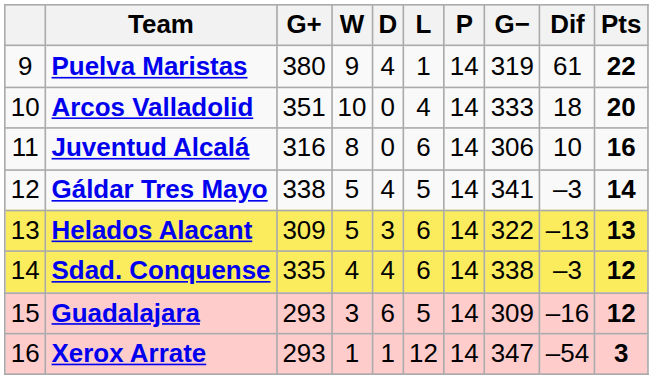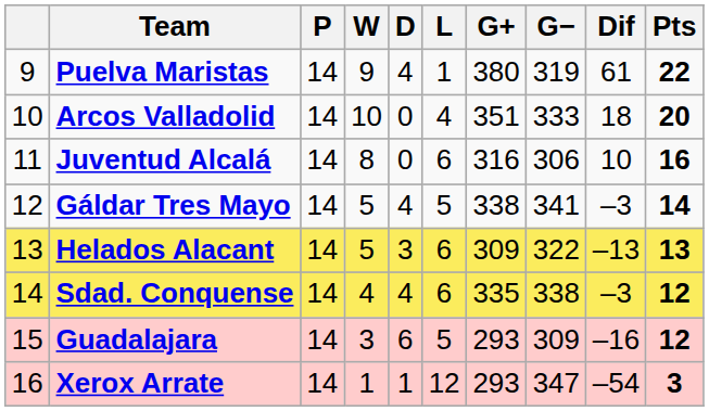 <table class="wikitable sortable" style="text-align: center;">
 <tr>
 <th align="center"></th>
 <th align="center">Team</th>
-<th align="center">G+</th>
+<th align="center">P</th>
 <th align="center">W</th>
 <th align="center">D</th>
 <th align="center">L</th>
-<th align="center">P</th>
+<th align="center">G+</th>
 <th align="center">G−</th>
 <th align="center">Dif</th>
 <th align="center">Pts</th>
 </tr>
 <tr style="background:">
 <td>9</td>
 <td align="left"><strong><a href='#'>Puelva Maristas</a></strong></td>
-<td>380</td>
+<td>14</td>
 <td>9</td>
 <td>4</td>
 <td>1</td>
-<td>14</td>
+<td>380</td>
 <td>319</td>
 <td>61</td>
 <td><strong>22</strong></td>
 </tr>
 <tr style="background:">
 <td>10</td>
 <td align="left"><strong><a href='#'>Arcos Valladolid</a></strong></td>
-<td>351</td>
+<td>14</td>
 <td>10</td>
 <td>0</td>
 <td>4</td>
-<td>14</td>
+<td>351</td>
 <td>333</td>
 <td>18</td>
 <td><strong>20</strong></td>
 </tr>
 <tr style="background:">
 <td>11</td>
 <td align="left"><strong><a href='#'>Juventud Alcalá</a></strong></td>
-<td>316</td>
+<td>14</td>
 <td>8</td>
 <td>0</td>
 <td>6</td>
-<td>14</td>
+<td>316</td>
 <td>306</td>
 <td>10</td>
 <td><strong>16</strong></td>
 </tr>
 <tr style="background:">
 <td>12</td>
 <td align="left"><strong><a href='#'>Gáldar Tres Mayo</a></strong></td>
-<td>338</td>
+<td>14</td>
 <td>5</td>
 <td>4</td>
 <td>5</td>
-<td>14</td>
+<td>338</td>
 <td>341</td>
 <td>–3</td>
 <td><strong>14</strong></td>
 </tr>
 <tr style="background: #FBEC5D;">
 <td>13</td>
 <td align="left"><strong><a href='#'>Helados Alacant</a></strong></td>
-<td>309</td>
+<td>14</td>
 <td>5</td>
 <td>3</td>
 <td>6</td>
-<td>14</td>
+<td>309</td>
 <td>322</td>
 <td>–13</td>
 <td><strong>13</strong></td>
 </tr>
 <tr style="background: #FBEC5D;">
 <td>14</td>
 <td align="left"><strong><a href='#'>Sdad. Conquense</a></strong></td>
-<td>335</td>
+<td>14</td>
 <td>4</td>
 <td>4</td>
 <td>6</td>
-<td>14</td>
+<td>335</td>
 <td>338</td>
 <td>–3</td>
 <td><strong>12</strong></td>
 </tr>
 <tr style="background: #FFCCCC;">
 <td>15</td>
 <td align="left"><strong><a href='#'>Guadalajara</a></strong></td>
-<td>293</td>
+<td>14</td>
 <td>3</td>
 <td>6</td>
 <td>5</td>
-<td>14</td>
+<td>293</td>
 <td>309</td>
 <td>–16</td>
 <td><strong>12</strong></td>
 </tr>
 <tr style="background: #FFCCCC;">
 <td>16</td>
 <td align="left"><strong><a href='#'>Xerox Arrate</a></strong></td>
-<td>293</td>
+<td>14</td>
 <td>1</td>
 <td>1</td>
 <td>12</td>
-<td>14</td>
+<td>293</td>
 <td>347</td>
 <td>–54</td>
 <td><strong>3</strong></td>
 </tr>
 </table>
